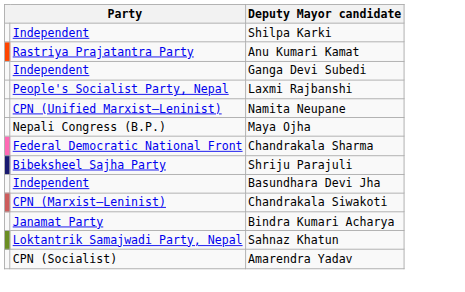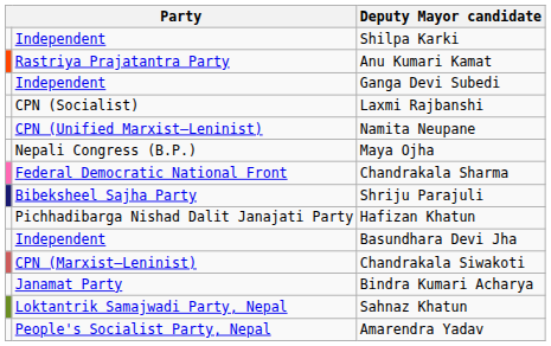 <table class="wikitable">
 <tr>
 <th colspan="2">Party</th>
 <th>Deputy Mayor candidate</th>
 </tr>
 <tr>
 <td style="background-color:"></td>
 <td><a href='#'>Independent</a></td>
 <td>Shilpa Karki</td>
 </tr>
 <tr>
 <td style="background-color:orangered;"></td>
 <td><a href='#'>Rastriya Prajatantra Party</a></td>
 <td>Anu Kumari Kamat</td>
 </tr>
 <tr>
 <td style="background-color:"></td>
 <td><a href='#'>Independent</a></td>
 <td>Ganga Devi Subedi</td>
 </tr>
 <tr>
 <td></td>
-<td><a href='#'>People's Socialist Party, Nepal</a> </td>
+<td>CPN (Socialist)</td>
 <td>Laxmi Rajbanshi</td>
 </tr>
 <tr>
 <td style="background-color:"></td>
 <td><a href='#'>CPN (Unified Marxist–Leninist)</a></td>
 <td>Namita Neupane</td>
 </tr>
 <tr>
 <td></td>
 <td>Nepali Congress (B.P.)</td>
 <td>Maya Ojha</td>
 </tr>
 <tr>
 <td style="background-color:hotpink;"></td>
 <td><a href='#'>Federal Democratic National Front</a></td>
 <td>Chandrakala Sharma</td>
 </tr>
 <tr>
 <td style="background-color:midnightblue;"></td>
 <td><a href='#'>Bibeksheel Sajha Party</a></td>
 <td>Shriju Parajuli</td>
 </tr>
 <tr>
+<td></td>
+<td>Pichhadibarga Nishad Dalit Janajati Party</td>
+<td>Hafizan Khatun</td>
+</tr>
+<tr>
 <td style="background-color:"></td>
 <td><a href='#'>Independent</a></td>
 <td>Basundhara Devi Jha</td>
 </tr>
 <tr>
 <td style="background-color:indianred;"></td>
 <td><a href='#'>CPN (Marxist–Leninist)</a></td>
 <td>Chandrakala Siwakoti</td>
 </tr>
 <tr>
 <td style="background-color:"></td>
 <td><a href='#'>Janamat Party</a></td>
 <td>Bindra Kumari Acharya</td>
 </tr>
 <tr>
 <td style="background-color:olivedrab;"></td>
 <td><a href='#'>Loktantrik Samajwadi Party, Nepal</a></td>
 <td>Sahnaz Khatun</td>
 </tr>
 <tr>
 <td style="background-color:"></td>
-<td>CPN (Socialist)</td>
+<td><a href='#'>People's Socialist Party, Nepal</a> </td>
 <td>Amarendra Yadav</td>
 </tr>
 </table>
